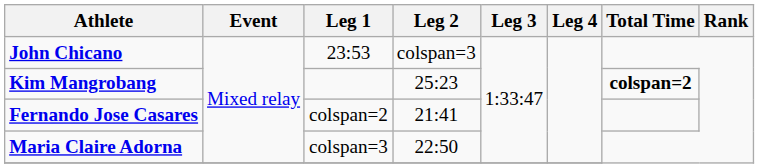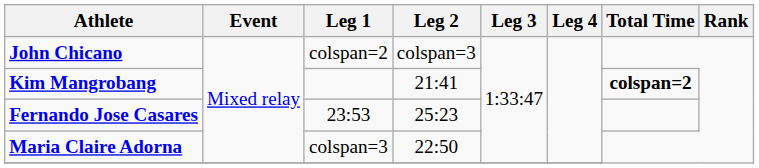 <table class="wikitable" style="font-size:90%">
 <tr>
 <th>Athlete</th>
 <th>Event</th>
 <th>Leg 1</th>
 <th>Leg 2</th>
 <th>Leg 3</th>
 <th>Leg 4</th>
 <th>Total Time</th>
 <th>Rank</th>
 </tr>
 <tr align=center>
 <td align=left><strong><a href='#'>John Chicano</a></strong></td>
 <td rowspan=4 align=left><a href='#'>Mixed relay</a></td>
-<td>23:53</td>
+<td>colspan=2 </td>
 <td>colspan=3 </td>
 <td rowspan=4>1:33:47</td>
 <td rowspan=4></td>
 </tr>
 <tr align=center>
 <td align=left><strong><a href='#'>Kim Mangrobang</a></strong></td>
 <td></td>
-<td>25:23</td>
+<td>21:41</td>
 <td><strong>colspan=2 </strong></td>
 </tr>
 <tr align=center>
 <td align=left><strong><a href='#'>Fernando Jose Casares</a></strong></td>
-<td>colspan=2 </td>
-<td>21:41</td>
+<td>23:53</td>
+<td>25:23</td>
 <td></td>
 </tr>
 <tr align=center>
 <td align=left><strong><a href='#'>Maria Claire Adorna</a></strong></td>
 <td>colspan=3 </td>
 <td>22:50</td>
 </tr>
 <tr>
 </tr>
 </table>
